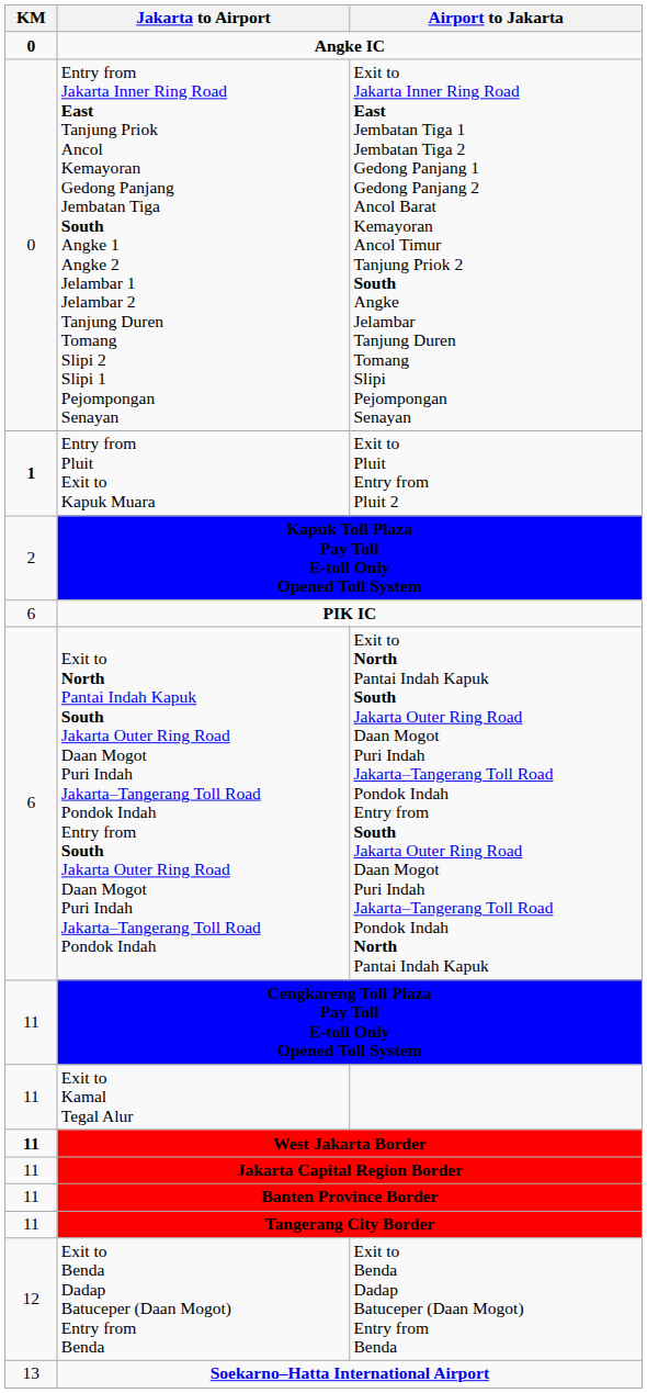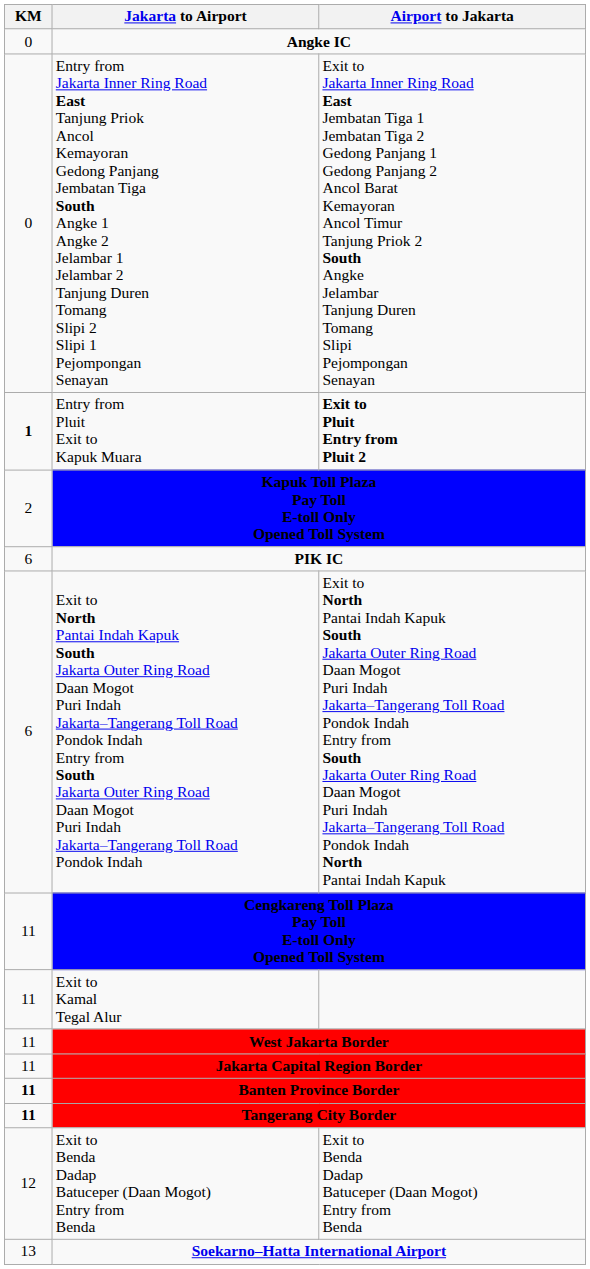 <table class="wikitable" style="width:600px">
 <tr>
 <th>KM</th>
 <th><a href='#'>Jakarta</a> to Airport</th>
 <th><a href='#'>Airport</a> to Jakarta</th>
 </tr>
 <tr>
-<td style="text-align:center"><strong>0</strong></td>
+<td style="text-align:center">0</td>
 <td style="text-align:center" colspan="2"><strong>Angke IC</strong></td>
 </tr>
 <tr>
 <td style="text-align:center">0</td>
 <td>Entry from<br> <a href='#'>Jakarta Inner Ring Road</a><br><strong>East</strong><br>Tanjung Priok<br>Ancol<br>Kemayoran<br>Gedong Panjang<br>Jembatan Tiga<br><strong>South</strong><br>Angke 1<br>Angke 2<br>Jelambar 1<br>Jelambar 2<br>Tanjung Duren<br>Tomang<br>Slipi 2<br>Slipi 1<br>Pejompongan<br>Senayan</td>
 <td>Exit to<br> <a href='#'>Jakarta Inner Ring Road</a><br><strong>East</strong><br>Jembatan Tiga 1<br>Jembatan Tiga 2<br>Gedong Panjang 1<br>Gedong Panjang 2<br>Ancol Barat<br>Kemayoran<br>Ancol Timur<br>Tanjung Priok 2<br><strong>South</strong><br>Angke<br>Jelambar<br>Tanjung Duren<br>Tomang<br>Slipi<br>Pejompongan<br>Senayan</td>
 </tr>
 <tr>
 <td style="text-align:center"><strong>1</strong></td>
 <td>Entry from<br>Pluit<br>Exit to<br>Kapuk Muara</td>
-<td>Exit to<br>Pluit<br>Entry from<br>Pluit 2</td>
+<td><strong>Exit to<br>Pluit<br>Entry from<br>Pluit 2</strong></td>
 </tr>
 <tr>
 <td style="text-align:center">2</td>
 <td style="text-align:center; background:blue;" colspan="2"><strong><span>Kapuk Toll Plaza<br>Pay Toll<br>E-toll Only<br>Opened Toll System</span></strong></td>
 </tr>
 <tr>
 <td style="text-align:center">6</td>
 <td style="text-align:center" colspan="2"><strong>PIK IC</strong></td>
 </tr>
 <tr>
 <td style="text-align:center">6</td>
 <td>Exit to<br><strong>North</strong><br><a href='#'>Pantai Indah Kapuk</a><br><strong>South</strong><br> <a href='#'>Jakarta Outer Ring Road</a><br>Daan Mogot<br>Puri Indah<br> <a href='#'>Jakarta–Tangerang Toll Road</a><br>Pondok Indah<br>Entry from<br><strong>South</strong><br> <a href='#'>Jakarta Outer Ring Road</a><br>Daan Mogot<br>Puri Indah<br> <a href='#'>Jakarta–Tangerang Toll Road</a><br>Pondok Indah</td>
 <td>Exit to<br><strong>North</strong><br>Pantai Indah Kapuk<br><strong>South</strong><br> <a href='#'>Jakarta Outer Ring Road</a><br>Daan Mogot<br>Puri Indah<br> <a href='#'>Jakarta–Tangerang Toll Road</a><br>Pondok Indah<br>Entry from<br><strong>South</strong><br> <a href='#'>Jakarta Outer Ring Road</a><br>Daan Mogot<br>Puri Indah<br> <a href='#'>Jakarta–Tangerang Toll Road</a><br>Pondok Indah<br><strong>North</strong><br>Pantai Indah Kapuk</td>
 </tr>
 <tr>
 <td style="text-align:center">11</td>
 <td style="text-align:center; background:blue;" colspan="2"><strong><span>Cengkareng Toll Plaza<br>Pay Toll<br>E-toll Only<br>Opened Toll System</span></strong></td>
 </tr>
 <tr>
 <td style="text-align:center">11</td>
 <td>Exit to<br>Kamal<br>Tegal Alur</td>
 <td></td>
 </tr>
 <tr>
-<td style="text-align:center"><strong>11</strong></td>
+<td style="text-align:center">11</td>
 <td style="text-align:center; background:red;" colspan="5"><strong><span> West Jakarta Border</span></strong></td>
 </tr>
 <tr>
 <td style="text-align:center">11</td>
 <td style="text-align:center; background:red;" colspan="5"><strong><span> Jakarta Capital Region Border</span></strong></td>
 </tr>
 <tr>
-<td style="text-align:center">11</td>
+<td style="text-align:center"><strong>11</strong></td>
 <td style="text-align:center; background:red;" colspan="5"><strong><span> Banten Province Border</span></strong></td>
 </tr>
 <tr>
-<td style="text-align:center">11</td>
+<td style="text-align:center"><strong>11</strong></td>
 <td style="text-align:center; background:red;" colspan="5"><strong><span> Tangerang City Border</span></strong></td>
 </tr>
 <tr>
 <td style="text-align:center">12</td>
 <td>Exit to<br>Benda<br>Dadap<br>Batuceper (Daan Mogot)<br>Entry from<br>Benda</td>
 <td>Exit to<br>Benda<br>Dadap<br>Batuceper (Daan Mogot)<br>Entry from<br>Benda</td>
 </tr>
 <tr>
 <td style="text-align:center">13</td>
 <td style="text-align:center" colspan="2"><strong><a href='#'>Soekarno–Hatta International Airport</a></strong></td>
 </tr>
 </table>
